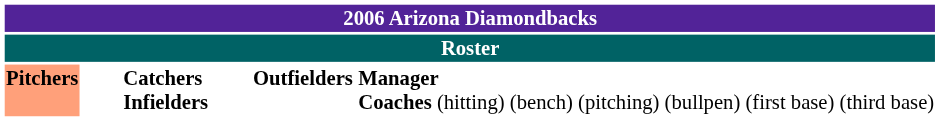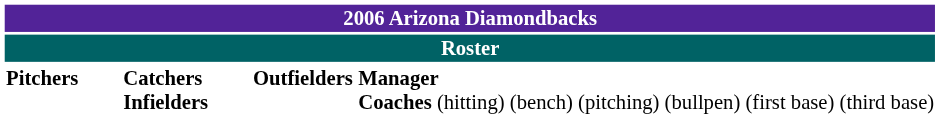 <table class="toccolours" style="font-size: 95%;">
 <tr>
 <th colspan="10" style="background-color: #522398; color: #FFFFFF; text-align: center;">2006 Arizona Diamondbacks</th>
 </tr>
 <tr>
 <td colspan="10" style="background-color: #006265; color: #FFFFFF; text-align: center;"><strong>Roster</strong></td>
 </tr>
 <tr>
-<td valign="top" style="background: lightsalmon;"><strong>Pitchers</strong><br>                        </td>
+<td valign="top"><strong>Pitchers</strong><br>                        </td>
 <td width="25px"></td>
 <td valign="top"><strong>Catchers</strong><br>   <strong>Infielders</strong>        </td>
 <td width="25px"></td>
 <td valign="top"><strong>Outfielders</strong><br>       </td>
 <td valign="top"><strong>Manager</strong><br> <strong>Coaches</strong>  (hitting)  (bench)  (pitching)  (bullpen)  (first base)  (third base)</td>
 </tr>
 <tr>
 </tr>
 </table>
